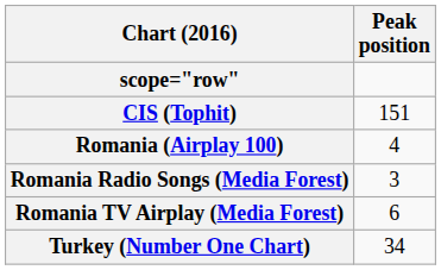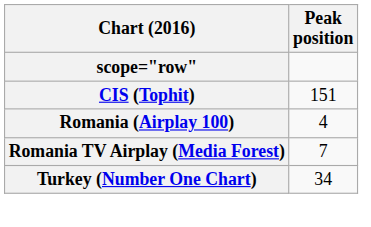 <table class="wikitable sortable plainrowheaders">
 <tr>
 <th scope="col">Chart (2016)</th>
 <th scope="col">Peak<br>position</th>
 </tr>
 <tr>
 <th>scope="row"</th>
 </tr>
 <tr>
 <th scope="row"><a href='#'>CIS</a> (<a href='#'>Tophit</a>)</th>
 <td align=center>151</td>
 </tr>
 <tr>
 <th scope="row">Romania (<a href='#'>Airplay 100</a>)</th>
 <td align=center>4</td>
 </tr>
 <tr>
-<th scope="row">Romania Radio Songs (<a href='#'>Media Forest</a>)</th>
-<td align=center>3</td>
-</tr>
-<tr>
 <th scope="row">Romania TV Airplay (<a href='#'>Media Forest</a>)</th>
-<td align=center>6</td>
+<td align=center>7</td>
 </tr>
 <tr>
 <th scope="row">Turkey (<a href='#'>Number One Chart</a>)</th>
 <td align=center>34</td>
 </tr>
 </table>
